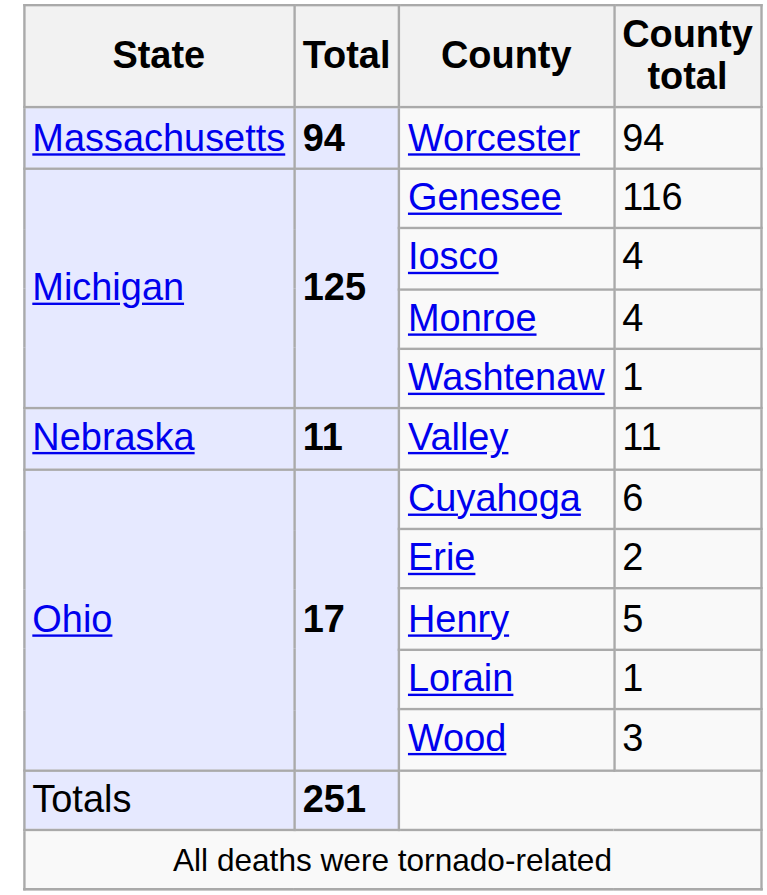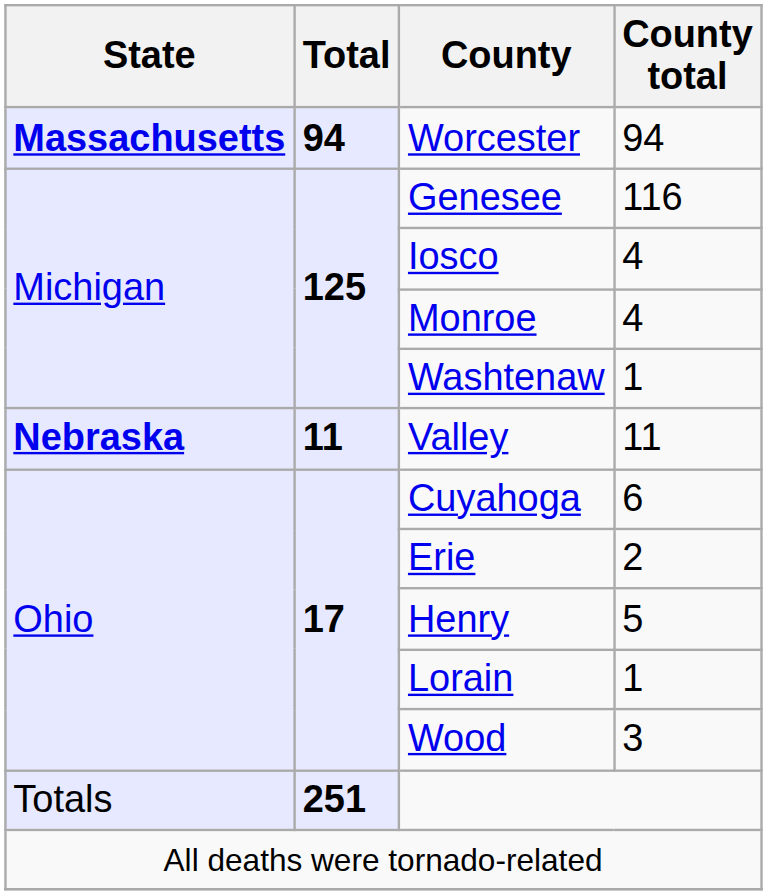 <table class="wikitable" style="margin:0 0 0.5em 1em;float:right;">
 <tr>
 <th><strong>State</strong></th>
 <th><strong>Total</strong></th>
 <th><strong>County</strong></th>
 <th><strong>County<br>total</strong></th>
 </tr>
 <tr>
-<td rowspan=1 bgcolor="#e6e9ff"><a href='#'>Massachusetts</a></td>
+<td rowspan=1 bgcolor="#e6e9ff"><strong><a href='#'>Massachusetts</a></strong></td>
 <td rowspan=1 bgcolor="#e6e9ff"><strong>94</strong></td>
 <td><a href='#'>Worcester</a></td>
 <td>94</td>
 </tr>
 <tr>
 <td rowspan=4 bgcolor="#e6e9ff"><a href='#'>Michigan</a></td>
 <td rowspan=4 bgcolor="#e6e9ff"><strong>125</strong></td>
 <td><a href='#'>Genesee</a></td>
 <td>116</td>
 </tr>
 <tr>
 <td><a href='#'>Iosco</a></td>
 <td>4</td>
 </tr>
 <tr>
 <td><a href='#'>Monroe</a></td>
 <td>4</td>
 </tr>
 <tr>
 <td><a href='#'>Washtenaw</a></td>
 <td>1</td>
 </tr>
 <tr>
-<td rowspan=1 bgcolor="#e6e9ff"><a href='#'>Nebraska</a></td>
+<td rowspan=1 bgcolor="#e6e9ff"><strong><a href='#'>Nebraska</a></strong></td>
 <td rowspan=1 bgcolor="#e6e9ff"><strong>11</strong></td>
 <td><a href='#'>Valley</a></td>
 <td>11</td>
 </tr>
 <tr>
 <td rowspan=5 bgcolor="#e6e9ff"><a href='#'>Ohio</a></td>
 <td rowspan=5 bgcolor="#e6e9ff"><strong>17</strong></td>
 <td><a href='#'>Cuyahoga</a></td>
 <td>6</td>
 </tr>
 <tr>
 <td><a href='#'>Erie</a></td>
 <td>2</td>
 </tr>
 <tr>
 <td><a href='#'>Henry</a></td>
 <td>5</td>
 </tr>
 <tr>
 <td><a href='#'>Lorain</a></td>
 <td>1</td>
 </tr>
 <tr>
 <td><a href='#'>Wood</a></td>
 <td>3</td>
 </tr>
 <tr>
 <td bgcolor="#e6e9ff">Totals</td>
 <td bgcolor="#e6e9ff"><strong>251</strong></td>
 <td colspan=2></td>
 </tr>
 <tr>
 <td colspan=4 align=center><small>All deaths were tornado-related</small></td>
 </tr>
 <tr>
 </tr>
 </table>
